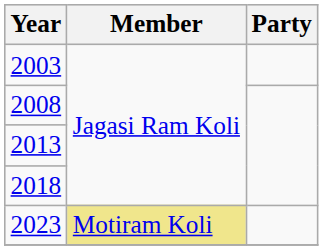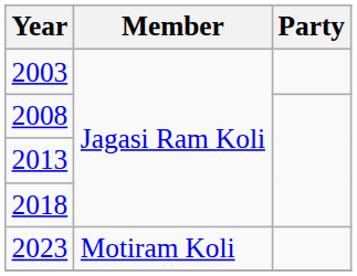 <table class="wikitable sortable">
 <tr>
 <th>Year</th>
 <th>Member</th>
 <th colspan=2>Party</th>
 </tr>
 <tr>
 <td><a href='#'>2003</a></td>
 <td rowspan=4><a href='#'>Jagasi Ram Koli</a></td>
 <td></td>
 </tr>
 <tr>
 <td><a href='#'>2008</a></td>
 </tr>
 <tr>
 <td><a href='#'>2013</a></td>
 </tr>
 <tr>
 <td><a href='#'>2018</a></td>
 </tr>
 <tr>
 <td><a href='#'>2023</a></td>
-<td style="background: khaki;"><a href='#'>Motiram Koli</a></td>
+<td><a href='#'>Motiram Koli</a></td>
 <td></td>
 </tr>
 <tr>
 </tr>
 </table>
